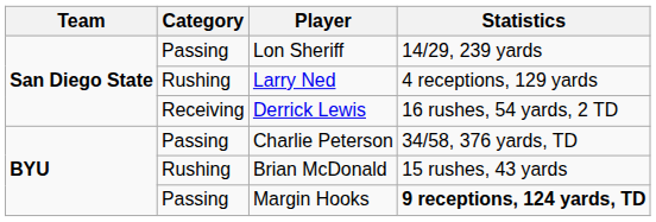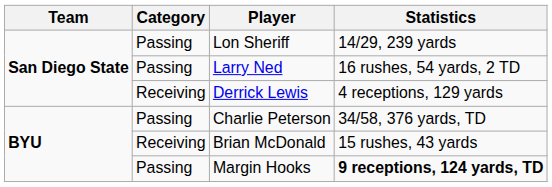 <table class="wikitable" style="float: left;">
 <tr>
 <th>Team</th>
 <th>Category</th>
 <th>Player</th>
 <th>Statistics</th>
 </tr>
 <tr>
 <td rowspan=3><strong>San Diego State</strong></td>
 <td>Passing</td>
 <td>Lon Sheriff</td>
 <td>14/29, 239 yards</td>
 </tr>
 <tr>
-<td>Rushing</td>
+<td>Passing</td>
 <td><a href='#'>Larry Ned</a></td>
-<td>4 receptions, 129 yards</td>
+<td>16 rushes, 54 yards, 2 TD</td>
 </tr>
 <tr>
 <td>Receiving</td>
 <td><a href='#'>Derrick Lewis</a></td>
-<td>16 rushes, 54 yards, 2 TD</td>
+<td>4 receptions, 129 yards</td>
 </tr>
 <tr>
 <td rowspan=3><strong>BYU</strong></td>
 <td>Passing</td>
 <td>Charlie Peterson</td>
 <td>34/58, 376 yards, TD</td>
 </tr>
 <tr>
-<td>Rushing</td>
+<td>Receiving</td>
 <td>Brian McDonald</td>
 <td>15 rushes, 43 yards</td>
 </tr>
 <tr>
 <td>Passing</td>
 <td>Margin Hooks</td>
 <td><strong>9 receptions, 124 yards, TD</strong></td>
 </tr>
 </table>
